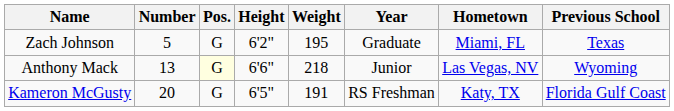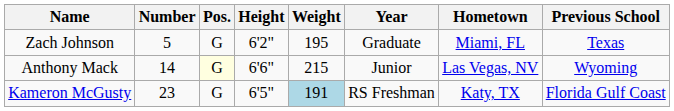 <table class="wikitable sortable" border="1" style="text-align:center;">
 <tr align=center>
 <th>Name</th>
 <th>Number</th>
 <th>Pos.</th>
 <th>Height</th>
 <th>Weight</th>
 <th>Year</th>
 <th>Hometown</th>
 <th>Previous School</th>
 </tr>
 <tr>
 <td>Zach Johnson</td>
 <td>5</td>
 <td>G</td>
 <td>6'2"</td>
 <td>195</td>
 <td>Graduate</td>
 <td><a href='#'>Miami, FL</a></td>
 <td><a href='#'>Texas</a></td>
 </tr>
 <tr>
 <td>Anthony Mack</td>
-<td>13</td>
+<td>14</td>
 <td style="background: lightyellow;">G</td>
 <td>6'6"</td>
-<td>218</td>
+<td>215</td>
 <td>Junior</td>
 <td><a href='#'>Las Vegas, NV</a></td>
 <td><a href='#'>Wyoming</a></td>
 </tr>
 <tr>
 <td><a href='#'>Kameron McGusty</a></td>
-<td>20</td>
+<td>23</td>
 <td>G</td>
 <td>6'5"</td>
-<td>191</td>
+<td style="background: lightblue;">191</td>
 <td>RS Freshman</td>
 <td><a href='#'>Katy, TX</a></td>
 <td><a href='#'>Florida Gulf Coast</a></td>
 </tr>
 </table>
